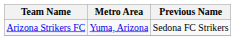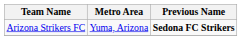 <table class="wikitable">
 <tr>
 <th>Team Name</th>
 <th>Metro Area</th>
 <th>Previous Name</th>
 </tr>
 <tr>
 <td> <a href='#'>Arizona Strikers FC</a></td>
 <td><a href='#'>Yuma, Arizona</a></td>
-<td>Sedona FC Strikers</td>
+<td><strong>Sedona FC Strikers</strong></td>
 </tr>
 <tr>
 </tr>
 </table>
